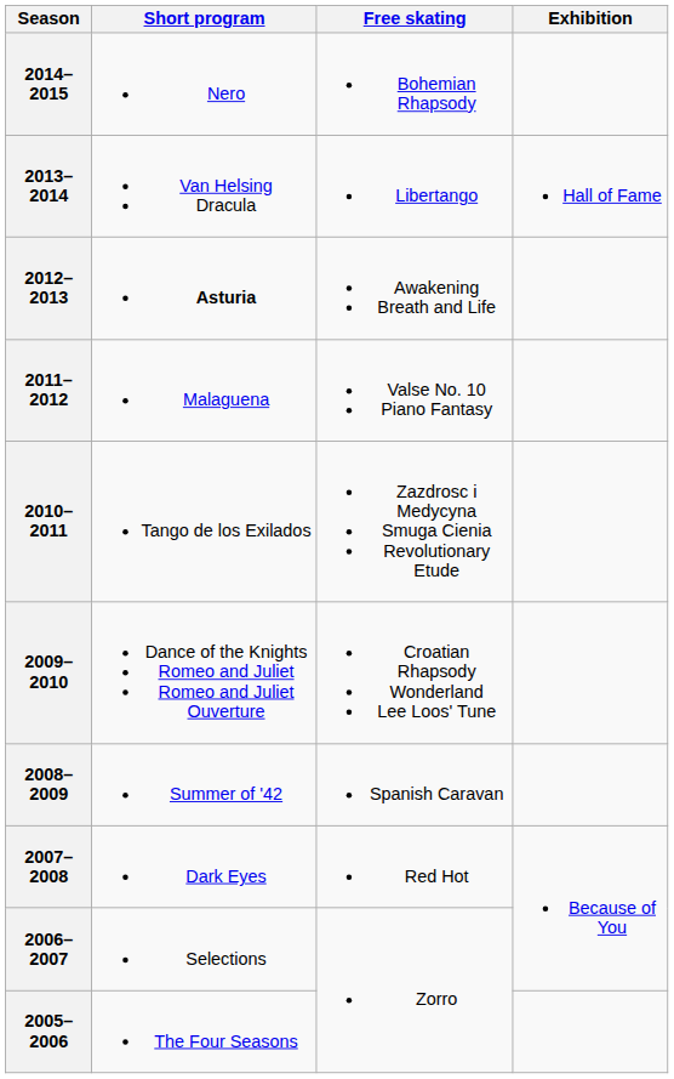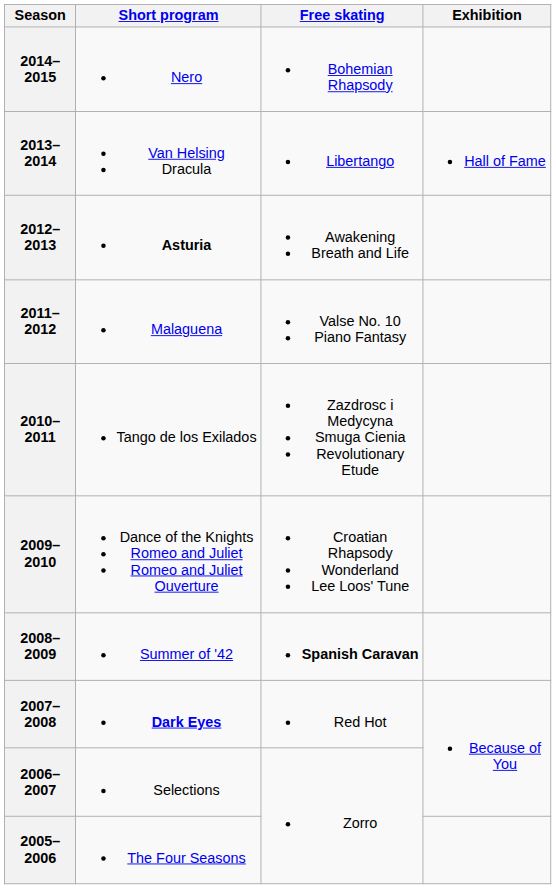 <table class=wikitable style=text-align:center>
 <tr>
 <th>Season</th>
 <th><a href='#'>Short program</a></th>
 <th><a href='#'>Free skating</a></th>
 <th>Exhibition</th>
 </tr>
 <tr>
 <th>2014–2015</th>
 <td><br><ul><li><a href='#'>Nero</a> <br></li></ul></td>
 <td><br><ul><li><a href='#'>Bohemian Rhapsody</a> <br></li></ul></td>
 <td></td>
 </tr>
 <tr>
 <th>2013–2014 <br> </th>
 <td><br><ul><li><a href='#'>Van Helsing</a> <br></li><li>Dracula</li></ul></td>
 <td><br><ul><li><a href='#'>Libertango</a> <br></li></ul></td>
 <td><br><ul><li><a href='#'>Hall of Fame</a> <br></li></ul></td>
 </tr>
 <tr>
 <th>2012–2013 <br> </th>
 <td><strong><br><ul><li>Asturia <br></li></ul></strong></td>
 <td><br><ul><li>Awakening <br></li><li>Breath and Life <br></li></ul></td>
 <td></td>
 </tr>
 <tr>
 <th>2011–2012 <br> </th>
 <td><br><ul><li><a href='#'>Malaguena</a> <br></li></ul></td>
 <td><br><ul><li>Valse No. 10 <br></li><li>Piano Fantasy <br></li></ul></td>
 <td></td>
 </tr>
 <tr>
 <th>2010–2011 <br> </th>
 <td><br><ul><li>Tango de los Exilados <br></li></ul></td>
 <td><br><ul><li>Zazdrosc i Medycyna <br></li><li>Smuga Cienia <br></li><li>Revolutionary Etude <br></li></ul></td>
 <td></td>
 </tr>
 <tr>
 <th>2009–2010 <br> </th>
 <td><br><ul><li>Dance of the Knights <br></li><li><a href='#'>Romeo and Juliet</a> <br></li><li><a href='#'>Romeo and Juliet Ouverture</a> <br></li></ul></td>
 <td><br><ul><li>Croatian Rhapsody <br></li><li>Wonderland <br></li><li>Lee Loos' Tune <br></li></ul></td>
 <td></td>
 </tr>
 <tr>
 <th>2008–2009 <br> </th>
 <td><br><ul><li><a href='#'>Summer of '42</a> <br></li></ul></td>
-<td><br><ul><li>Spanish Caravan</li></ul></td>
+<td><strong><br><ul><li>Spanish Caravan</li></ul></strong></td>
 <td></td>
 </tr>
 <tr>
 <th>2007–2008 <br> </th>
-<td><br><ul><li><a href='#'>Dark Eyes</a></li></ul></td>
+<td><strong><br><ul><li><a href='#'>Dark Eyes</a></li></ul></strong></td>
 <td><br><ul><li>Red Hot <br></li></ul></td>
 <td rowspan=2><br><ul><li><a href='#'>Because of You</a> <br></li></ul></td>
 </tr>
 <tr>
 <th>2006–2007 <br> </th>
 <td><br><ul><li>Selections <br></li></ul></td>
 <td rowspan=2><br><ul><li>Zorro</li></ul></td>
 </tr>
 <tr>
 <th>2005–2006 <br> </th>
 <td><br><ul><li><a href='#'>The Four Seasons</a> <br></li></ul></td>
 <td></td>
 </tr>
 </table>
